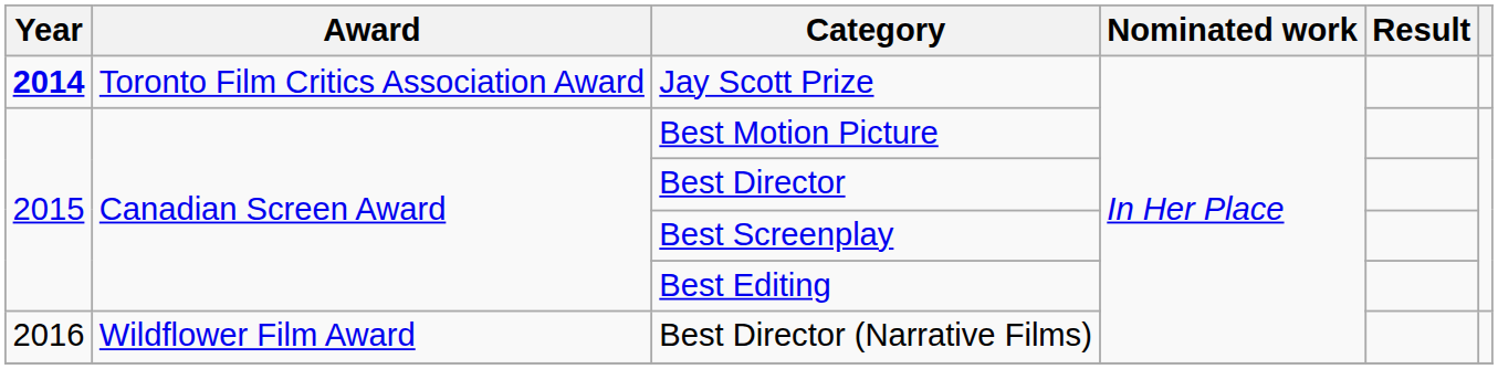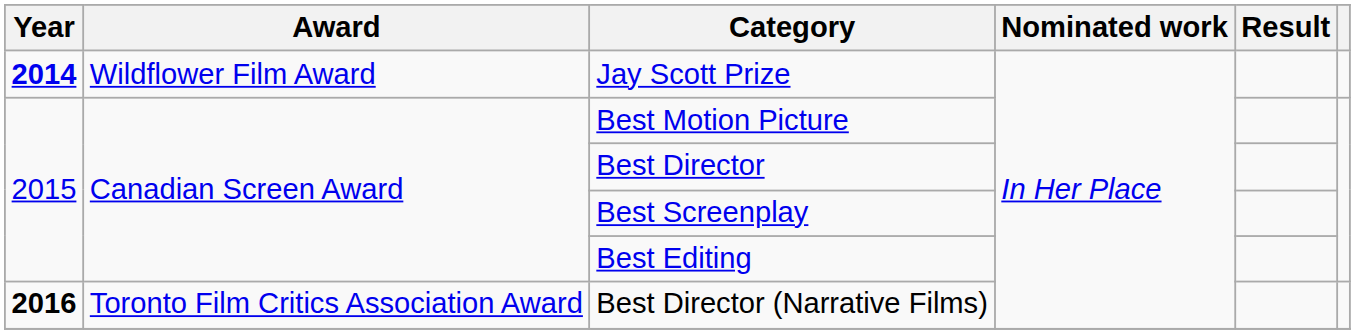 <table class="wikitable plainrowheaders sortable">
 <tr>
 <th scope="col">Year</th>
 <th scope="col">Award</th>
 <th scope="col">Category</th>
 <th scope="col">Nominated work</th>
 <th scope="col">Result</th>
 <th scope="col" class="unsortable"></th>
 </tr>
 <tr>
 <td><strong><a href='#'>2014</a></strong></td>
-<td><a href='#'>Toronto Film Critics Association Award</a></td>
+<td><a href='#'>Wildflower Film Award</a></td>
 <td><a href='#'>Jay Scott Prize</a></td>
 <td rowspan=6><em><a href='#'>In Her Place</a></em></td>
 <td></td>
 <td></td>
 </tr>
 <tr>
 <td rowspan=4><a href='#'>2015</a></td>
 <td rowspan=4><a href='#'>Canadian Screen Award</a></td>
 <td><a href='#'>Best Motion Picture</a></td>
 <td></td>
 <td rowspan="4"></td>
 </tr>
 <tr>
 <td><a href='#'>Best Director</a></td>
 <td></td>
 </tr>
 <tr>
 <td><a href='#'>Best Screenplay</a></td>
 <td></td>
 </tr>
 <tr>
 <td><a href='#'>Best Editing</a></td>
 <td></td>
 </tr>
 <tr>
-<td>2016</td>
-<td><a href='#'>Wildflower Film Award</a></td>
+<td><strong>2016</strong></td>
+<td><a href='#'>Toronto Film Critics Association Award</a></td>
 <td>Best Director (Narrative Films)</td>
 <td></td>
 <td></td>
 </tr>
 <tr>
 </tr>
 </table>
